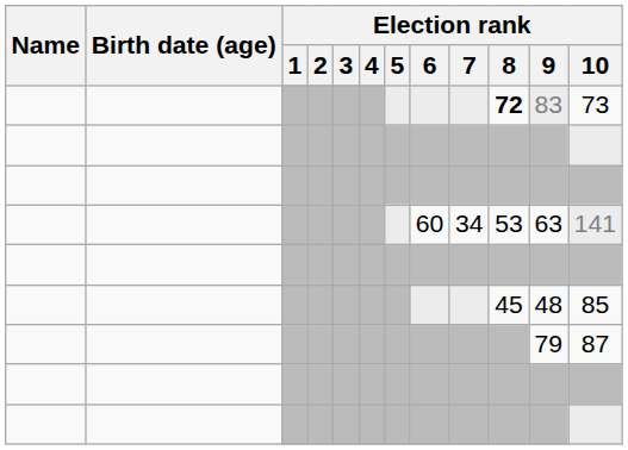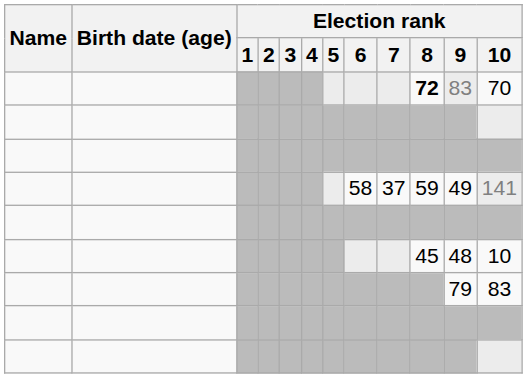 <table class="wikitable sortable"  style="text-align:center;">
 <tr>
 <th rowspan="2">Name</th>
 <th rowspan="2">Birth date (age)</th>
 <th colspan="10" class="unsortable">Election rank</th>
 </tr>
 <tr>
 <th data-sort-type="number">1</th>
 <th data-sort-type="number">2</th>
 <th data-sort-type="number">3</th>
 <th data-sort-type="number">4</th>
 <th data-sort-type="number">5</th>
 <th data-sort-type="number">6</th>
 <th data-sort-type="number">7</th>
 <th data-sort-type="number">8</th>
 <th data-sort-type="number">9</th>
 <th data-sort-type="number">10</th>
 </tr>
 <tr>
 <td style="text-align:left;" data-sort-value="Akiyoshi, Yuka"></td>
 <td style="text-align:left;"></td>
 <td style="background:#bbb;"> </td>
 <td style="background:#bbb;"> </td>
 <td style="background:#bbb;"> </td>
 <td style="background:#bbb;"> </td>
 <td style="background:#ececec; color:gray;"></td>
 <td style="background:#ececec; color:gray;"></td>
 <td style="background:#ececec; color:gray;"></td>
 <td><strong>72</strong></td>
 <td style="background:#ececec; color:gray;">83</td>
-<td>73</td>
+<td>70</td>
 </tr>
 <tr>
 <td style="text-align:left;" data-sort-value="Ito, Yueru"></td>
 <td style="text-align:left;"></td>
 <td style="background:#bbb;"> </td>
 <td style="background:#bbb;"> </td>
 <td style="background:#bbb;"> </td>
 <td style="background:#bbb;"> </td>
 <td style="background:#bbb;"> </td>
 <td style="background:#bbb;"> </td>
 <td style="background:#bbb;"> </td>
 <td style="background:#bbb;"> </td>
 <td style="background:#bbb;"> </td>
 <td style="background:#ececec; color:gray;"></td>
 </tr>
 <tr>
 <td style="text-align:left;" data-sort-value="Kuriyama, Rina"></td>
 <td style="text-align:left;"></td>
 <td style="background:#bbb;"> </td>
 <td style="background:#bbb;"> </td>
 <td style="background:#bbb;"> </td>
 <td style="background:#bbb;"> </td>
 <td style="background:#bbb;"> </td>
 <td style="background:#bbb;"> </td>
 <td style="background:#bbb;"> </td>
 <td style="background:#bbb;"> </td>
 <td style="background:#bbb;"> </td>
 <td style="background:#bbb;"> </td>
 </tr>
 <tr>
 <td style="text-align:left;" data-sort-value="Sakaguchi, Riko"></td>
 <td style="text-align:left;"></td>
 <td style="background:#bbb;"> </td>
 <td style="background:#bbb;"> </td>
 <td style="background:#bbb;"> </td>
 <td style="background:#bbb;"> </td>
 <td style="background:#ececec; color:gray;"></td>
-<td>60</td>
-<td>34</td>
-<td>53</td>
-<td>63</td>
+<td>58</td>
+<td>37</td>
+<td>59</td>
+<td>49</td>
 <td style="background:#ececec; color:gray;">141</td>
 </tr>
 <tr>
 <td style="text-align:left;" data-sort-value="Sakamoto, Rino"></td>
 <td style="text-align:left;"></td>
 <td style="background:#bbb;"> </td>
 <td style="background:#bbb;"> </td>
 <td style="background:#bbb;"> </td>
 <td style="background:#bbb;"> </td>
 <td style="background:#bbb;"> </td>
 <td style="background:#bbb;"> </td>
 <td style="background:#bbb;"> </td>
 <td style="background:#bbb;"> </td>
 <td style="background:#bbb;"> </td>
 <td style="background:#bbb;"> </td>
 </tr>
 <tr>
 <td style="text-align:left;" data-sort-value="Tanaka, Miku"></td>
 <td style="text-align:left;"></td>
 <td style="background:#bbb;"> </td>
 <td style="background:#bbb;"> </td>
 <td style="background:#bbb;"> </td>
 <td style="background:#bbb;"> </td>
 <td style="background:#bbb;"> </td>
 <td style="background:#ececec; color:gray;"></td>
 <td style="background:#ececec; color:gray;"></td>
 <td>45</td>
 <td>48</td>
-<td>85</td>
+<td>10</td>
 </tr>
 <tr>
 <td style="text-align:left;" data-sort-value="Toyonaga, Aki"></td>
 <td style="text-align:left;"></td>
 <td style="background:#bbb;"> </td>
 <td style="background:#bbb;"> </td>
 <td style="background:#bbb;"> </td>
 <td style="background:#bbb;"> </td>
 <td style="background:#bbb;"> </td>
 <td style="background:#bbb;"> </td>
 <td style="background:#bbb;"> </td>
 <td style="background:#bbb;"> </td>
 <td>79</td>
-<td>87</td>
+<td>83</td>
 </tr>
 <tr>
 <td style="text-align:left;" data-sort-value="Murakami, Wakana"></td>
 <td style="text-align:left;"></td>
 <td style="background:#bbb;"> </td>
 <td style="background:#bbb;"> </td>
 <td style="background:#bbb;"> </td>
 <td style="background:#bbb;"> </td>
 <td style="background:#bbb;"> </td>
 <td style="background:#bbb;"> </td>
 <td style="background:#bbb;"> </td>
 <td style="background:#bbb;"> </td>
 <td style="background:#bbb;"> </td>
 <td style="background:#bbb;"> </td>
 </tr>
 <tr>
 <td style="text-align:left;" data-sort-value="Watanabe Akari"></td>
 <td style="text-align:left;"></td>
 <td style="background:#bbb;"> </td>
 <td style="background:#bbb;"> </td>
 <td style="background:#bbb;"> </td>
 <td style="background:#bbb;"> </td>
 <td style="background:#bbb;"> </td>
 <td style="background:#bbb;"> </td>
 <td style="background:#bbb;"> </td>
 <td style="background:#bbb;"> </td>
 <td style="background:#bbb;"> </td>
 <td style="background:#ececec; color:gray;"></td>
 </tr>
 </table>
